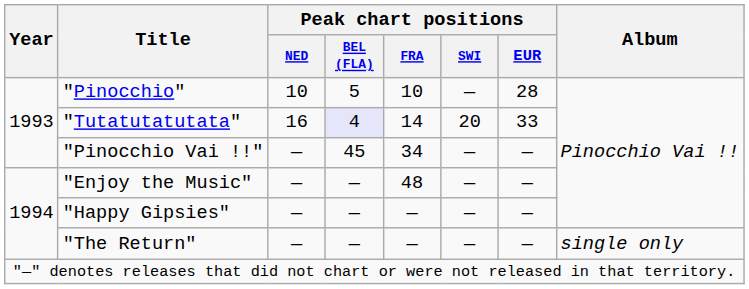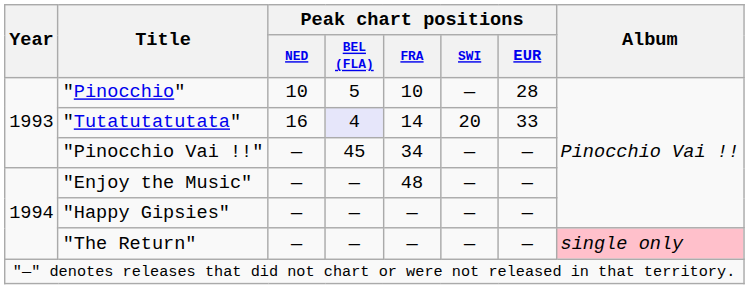 <table class="wikitable" style="text-align:center">
 <tr>
 <th rowspan=2>Year</th>
 <th rowspan=2>Title</th>
 <th colspan=5>Peak chart positions</th>
 <th rowspan=2>Album</th>
 </tr>
 <tr style="font-size:smaller;">
 <th width="35"><small><a href='#'>NED</a></small><br></th>
 <th width="35"><small><a href='#'>BEL<br>(FLA)</a></small><br></th>
 <th width="35"><small><a href='#'>FRA</a></small><br></th>
 <th width="35"><small><a href='#'>SWI</a></small><br></th>
 <th width="35"><a href='#'>EUR</a></th>
 </tr>
 <tr>
 <td rowspan="3">1993</td>
 <td align=left>"<a href='#'>Pinocchio</a>"</td>
 <td>10</td>
 <td>5</td>
 <td>10</td>
 <td>—</td>
 <td>28</td>
 <td align="left" rowspan="5"><em>Pinocchio Vai !!</em></td>
 </tr>
 <tr>
 <td align=left>"<a href='#'>Tutatutatutata</a>"</td>
 <td>16</td>
 <td style="background: lavender;">4</td>
 <td>14</td>
 <td>20</td>
 <td>33</td>
 </tr>
 <tr>
 <td align=left>"Pinocchio Vai !!"</td>
 <td>—</td>
 <td>45</td>
 <td>34</td>
 <td>—</td>
 <td>—</td>
 </tr>
 <tr>
 <td rowspan="3">1994</td>
 <td align=left>"Enjoy the Music"</td>
 <td>—</td>
 <td>—</td>
 <td>48</td>
 <td>—</td>
 <td>—</td>
 </tr>
 <tr>
 <td align=left>"Happy Gipsies"</td>
 <td>—</td>
 <td>—</td>
 <td>—</td>
 <td>—</td>
 <td>—</td>
 </tr>
 <tr>
 <td align=left>"The Return"</td>
 <td>—</td>
 <td>—</td>
 <td>—</td>
 <td>—</td>
 <td>—</td>
-<td align="left" rowspan="1"><em>single only</em></td>
+<td align="left" rowspan="1" style="background: pink;"><em>single only</em></td>
 </tr>
 <tr>
 <td align="center" colspan="20" style="font-size:8pt">"—" denotes releases that did not chart or were not released in that territory.</td>
 </tr>
 </table>
